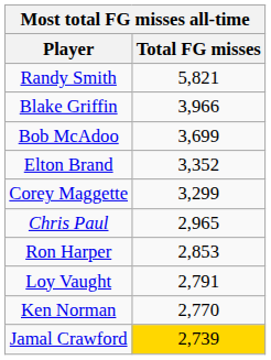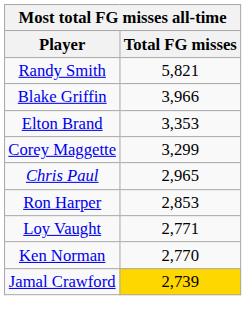 <table class="wikitable sortable" style="text-align:center">
 <tr>
 <th colspan="2">Most total FG misses all-time</th>
 </tr>
 <tr>
 <th>Player</th>
 <th>Total FG misses</th>
 </tr>
 <tr>
 <td><a href='#'>Randy Smith</a></td>
 <td>5,821</td>
 </tr>
 <tr>
 <td><a href='#'>Blake Griffin</a></td>
 <td>3,966</td>
 </tr>
 <tr>
-<td><a href='#'>Bob McAdoo</a></td>
-<td>3,699</td>
-</tr>
-<tr>
 <td><a href='#'>Elton Brand</a></td>
-<td>3,352</td>
+<td>3,353</td>
 </tr>
 <tr>
 <td><a href='#'>Corey Maggette</a></td>
 <td>3,299</td>
 </tr>
 <tr>
 <td><em><a href='#'>Chris Paul</a></em></td>
 <td>2,965</td>
 </tr>
 <tr>
 <td><a href='#'>Ron Harper</a></td>
 <td>2,853</td>
 </tr>
 <tr>
 <td><a href='#'>Loy Vaught</a></td>
-<td>2,791</td>
+<td>2,771</td>
 </tr>
 <tr>
 <td><a href='#'>Ken Norman</a></td>
 <td>2,770</td>
 </tr>
 <tr>
 <td><a href='#'>Jamal Crawford</a></td>
 <td style="background: gold;">2,739</td>
 </tr>
 </table>
